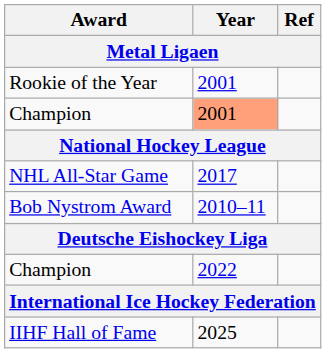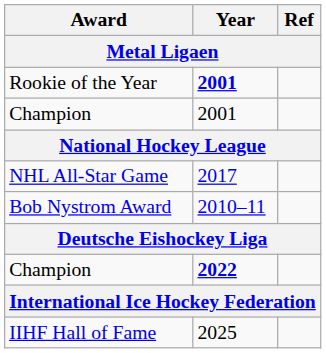 <table class="wikitable">
 <tr>
 <th>Award</th>
 <th>Year</th>
 <th>Ref</th>
 </tr>
 <tr>
 <th colspan="3"><a href='#'>Metal Ligaen</a></th>
 </tr>
 <tr>
 <td>Rookie of the Year</td>
-<td><a href='#'>2001</a></td>
+<td><strong><a href='#'>2001</a></strong></td>
 <td></td>
 </tr>
 <tr>
 <td>Champion</td>
-<td style="background: lightsalmon;">2001</td>
+<td>2001</td>
 <td></td>
 </tr>
 <tr>
 <th colspan="3"><a href='#'>National Hockey League</a></th>
 </tr>
 <tr>
 <td><a href='#'>NHL All-Star Game</a></td>
 <td><a href='#'>2017</a></td>
 <td></td>
 </tr>
 <tr>
 <td><a href='#'>Bob Nystrom Award</a></td>
 <td><a href='#'>2010–11</a></td>
 <td></td>
 </tr>
 <tr>
 <th colspan="3"><a href='#'>Deutsche Eishockey Liga</a></th>
 </tr>
 <tr>
 <td>Champion</td>
-<td><a href='#'>2022</a></td>
+<td><strong><a href='#'>2022</a></strong></td>
 <td></td>
 </tr>
 <tr>
 <th colspan="3"><a href='#'>International Ice Hockey Federation</a></th>
 </tr>
 <tr>
 <td><a href='#'>IIHF Hall of Fame</a></td>
 <td>2025</td>
 <td></td>
 </tr>
 </table>
